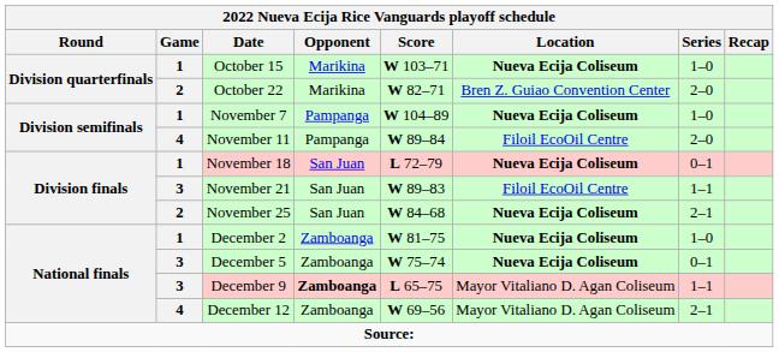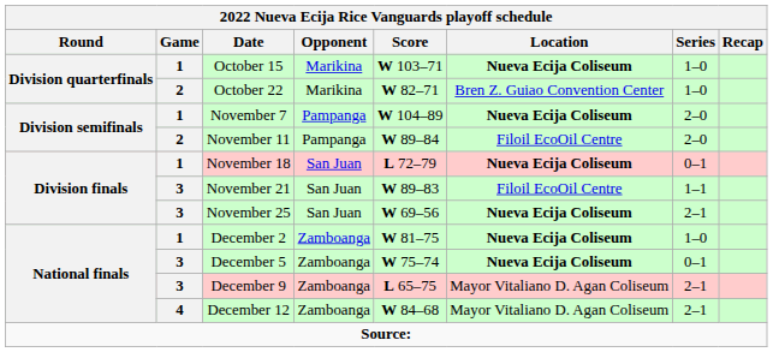 <table class="wikitable" style="text-align:center">
 <tr>
 <th colspan=8>2022 Nueva Ecija Rice Vanguards playoff schedule</th>
 </tr>
 <tr>
 <th>Round</th>
 <th>Game</th>
 <th>Date</th>
 <th>Opponent</th>
 <th>Score</th>
 <th>Location</th>
 <th>Series</th>
 <th>Recap<br></th>
 </tr>
 <tr style="background:#cfc">
 <th rowspan=2>Division quarterfinals</th>
 <th>1</th>
 <td>October 15</td>
 <td><a href='#'>Marikina</a></td>
 <td><strong>W</strong> 103–71</td>
 <td><strong>Nueva Ecija Coliseum</strong></td>
 <td>1–0</td>
 <td></td>
 </tr>
 <tr style="background:#cfc">
 <th>2</th>
 <td>October 22</td>
 <td>Marikina</td>
 <td><strong>W</strong> 82–71</td>
 <td><a href='#'>Bren Z. Guiao Convention Center</a></td>
-<td>2–0</td>
+<td>1–0</td>
 <td><br></td>
 </tr>
 <tr style="background:#cfc">
 <th rowspan=2>Division semifinals</th>
 <th>1</th>
 <td>November 7</td>
 <td><a href='#'>Pampanga</a></td>
 <td><strong>W</strong> 104–89</td>
 <td><strong>Nueva Ecija Coliseum</strong></td>
-<td>1–0</td>
+<td>2–0</td>
 <td></td>
 </tr>
 <tr style="background:#cfc">
-<th>4</th>
+<th>2</th>
 <td>November 11</td>
 <td>Pampanga</td>
 <td><strong>W</strong> 89–84</td>
 <td><a href='#'>Filoil EcoOil Centre</a></td>
 <td>2–0</td>
 <td><br></td>
 </tr>
 <tr style="background:#fcc">
 <th rowspan=3>Division finals</th>
 <th>1</th>
 <td>November 18</td>
 <td><a href='#'>San Juan</a></td>
 <td><strong>L</strong> 72–79</td>
 <td><strong>Nueva Ecija Coliseum</strong></td>
 <td>0–1</td>
 <td></td>
 </tr>
 <tr style="background:#cfc">
 <th>3</th>
 <td>November 21</td>
 <td>San Juan</td>
 <td><strong>W</strong> 89–83</td>
 <td><a href='#'>Filoil EcoOil Centre</a></td>
 <td>1–1</td>
 <td></td>
 </tr>
 <tr style="background:#cfc">
-<th>2</th>
+<th>3</th>
 <td>November 25</td>
 <td>San Juan</td>
-<td><strong>W</strong> 84–68</td>
+<td><strong>W</strong> 69–56</td>
 <td><strong>Nueva Ecija Coliseum</strong></td>
 <td>2–1</td>
 <td><br></td>
 </tr>
 <tr style="background:#cfc">
 <th rowspan=4>National finals</th>
 <th>1</th>
 <td>December 2</td>
 <td><a href='#'>Zamboanga</a></td>
 <td><strong>W</strong> 81–75</td>
 <td><strong>Nueva Ecija Coliseum</strong></td>
 <td>1–0</td>
 <td></td>
 </tr>
 <tr style="background:#cfc">
 <th>3</th>
 <td>December 5</td>
 <td>Zamboanga</td>
 <td><strong>W</strong> 75–74</td>
 <td><strong>Nueva Ecija Coliseum</strong></td>
 <td>0–1</td>
 <td></td>
 </tr>
 <tr style="background:#fcc">
 <th>3</th>
 <td>December 9</td>
-<td><strong>Zamboanga</strong></td>
+<td>Zamboanga</td>
 <td><strong>L</strong> 65–75</td>
 <td>Mayor Vitaliano D. Agan Coliseum</td>
-<td>1–1</td>
+<td>2–1</td>
 <td></td>
 </tr>
 <tr style="background:#cfc">
 <th>4</th>
 <td>December 12</td>
 <td>Zamboanga</td>
-<td><strong>W</strong> 69–56</td>
+<td><strong>W</strong> 84–68</td>
 <td>Mayor Vitaliano D. Agan Coliseum</td>
 <td>2–1</td>
 <td></td>
 </tr>
 <tr>
 <td colspan=8 align=center><strong>Source: </strong></td>
 </tr>
 </table>
